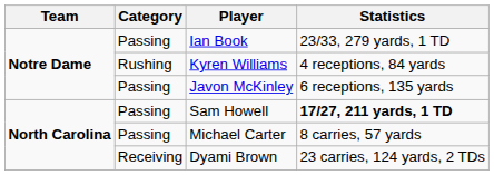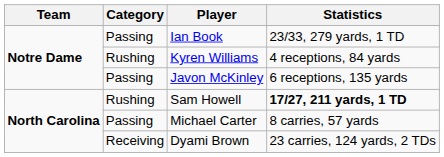 <table class="wikitable" style="float: left;">
 <tr>
 <th>Team</th>
 <th>Category</th>
 <th>Player</th>
 <th>Statistics</th>
 </tr>
 <tr>
 <td rowspan=3><strong>Notre Dame</strong></td>
 <td>Passing</td>
 <td><a href='#'>Ian Book</a></td>
 <td>23/33, 279 yards, 1 TD</td>
 </tr>
 <tr>
 <td>Rushing</td>
 <td><a href='#'>Kyren Williams</a></td>
 <td>4 receptions, 84 yards</td>
 </tr>
 <tr>
 <td>Passing</td>
 <td><a href='#'>Javon McKinley</a></td>
 <td>6 receptions, 135 yards</td>
 </tr>
 <tr>
 <td rowspan=3><strong>North Carolina</strong></td>
-<td>Passing</td>
+<td>Rushing</td>
 <td>Sam Howell</td>
 <td><strong>17/27, 211 yards, 1 TD</strong></td>
 </tr>
 <tr>
 <td>Passing</td>
 <td>Michael Carter</td>
 <td>8 carries, 57 yards</td>
 </tr>
 <tr>
 <td>Receiving</td>
 <td>Dyami Brown</td>
 <td>23 carries, 124 yards, 2 TDs</td>
 </tr>
 </table>
